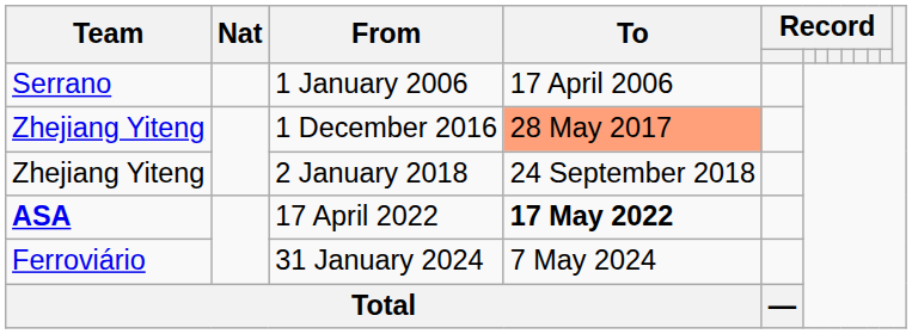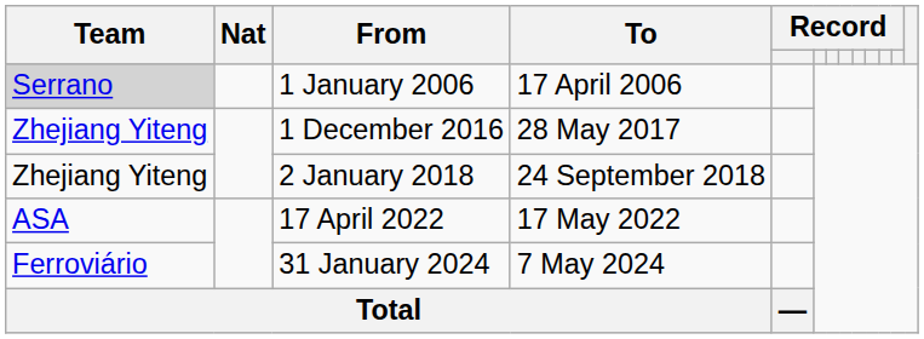 <table class="wikitable" style="text-align: center">
 <tr>
 <th rowspan="2">Team</th>
 <th rowspan="2">Nat</th>
 <th rowspan="2">From</th>
 <th rowspan="2">To</th>
 <th colspan="8">Record</th>
 <th rowspan=2></th>
 </tr>
 <tr>
 <th></th>
 <th></th>
 <th></th>
 <th></th>
 <th></th>
 <th></th>
 <th></th>
 <th></th>
 </tr>
 <tr>
-<td align=left><a href='#'>Serrano</a></td>
+<td align=left style="background: lightgrey;"><a href='#'>Serrano</a></td>
 <td></td>
 <td align=left>1 January 2006</td>
 <td align=left>17 April 2006<br></td>
 <td></td>
 </tr>
 <tr>
 <td align=left><a href='#'>Zhejiang Yiteng</a></td>
 <td rowspan="2"></td>
 <td align=left>1 December 2016</td>
-<td align=left style="background: lightsalmon;">28 May 2017<br></td>
+<td align=left>28 May 2017<br></td>
 <td></td>
 </tr>
 <tr>
 <td align=left>Zhejiang Yiteng</td>
 <td align=left>2 January 2018</td>
 <td align=left>24 September 2018<br></td>
 <td></td>
 </tr>
 <tr>
-<td align=left><strong><a href='#'>ASA</a></strong></td>
+<td align=left><a href='#'>ASA</a></td>
 <td rowspan="2"></td>
 <td align=left>17 April 2022</td>
-<td align=left><strong>17 May 2022<br></strong></td>
+<td align=left>17 May 2022<br></td>
 <td></td>
 </tr>
 <tr>
 <td align=left><a href='#'>Ferroviário</a></td>
 <td align=left>31 January 2024</td>
 <td align=left>7 May 2024<br></td>
 <td></td>
 </tr>
 <tr>
 <th colspan="4">Total<br></th>
 <th>—</th>
 </tr>
 </table>
